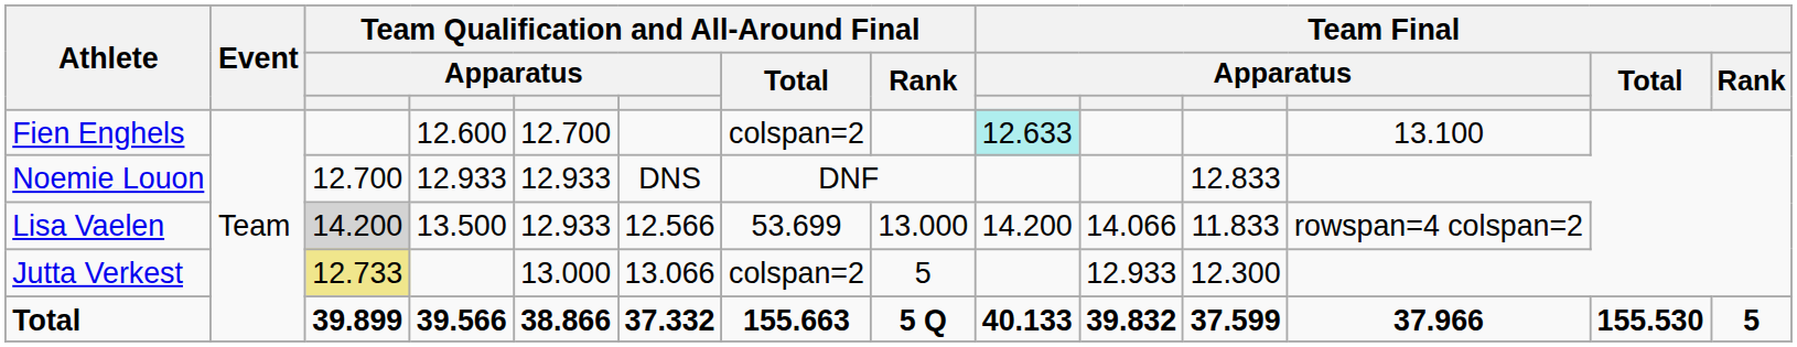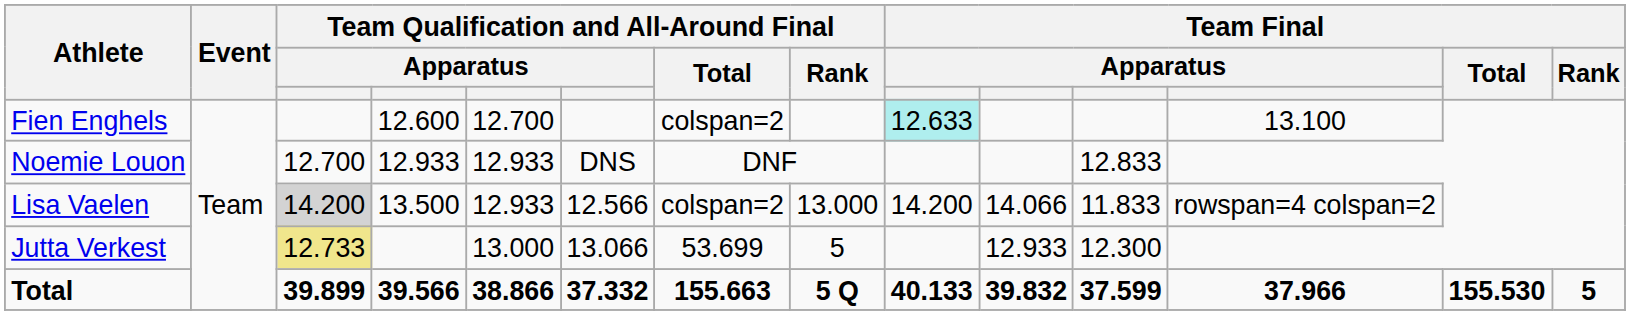 <table class="wikitable" style="font-size:90%">
 <tr>
 <th rowspan=3>Athlete</th>
 <th rowspan=3>Event</th>
 <th colspan=6>Team Qualification and All-Around Final</th>
 <th colspan=6>Team Final</th>
 </tr>
 <tr style="font-size:95%">
 <th colspan=4>Apparatus</th>
 <th rowspan=2>Total</th>
 <th rowspan=2>Rank</th>
 <th colspan=4>Apparatus</th>
 <th rowspan=2>Total</th>
 <th rowspan=2>Rank</th>
 </tr>
 <tr style="font-size:95%">
 <th></th>
 <th></th>
 <th></th>
 <th></th>
 <th></th>
 <th></th>
 <th></th>
 <th></th>
 </tr>
 <tr align=center>
 <td align=left><a href='#'>Fien Enghels</a></td>
 <td align=left rowspan=5>Team</td>
 <td></td>
 <td>12.600</td>
 <td>12.700</td>
 <td></td>
 <td>colspan=2</td>
 <td></td>
 <td style="background: paleturquoise;">12.633</td>
 <td></td>
 <td></td>
 <td>13.100</td>
 </tr>
 <tr align=center>
 <td align=left><a href='#'>Noemie Louon</a></td>
 <td>12.700</td>
 <td>12.933</td>
 <td>12.933</td>
 <td>DNS</td>
 <td colspan=2>DNF</td>
 <td></td>
 <td></td>
 <td>12.833</td>
 </tr>
 <tr align=center>
 <td align=left><a href='#'>Lisa Vaelen</a></td>
 <td style="background: lightgrey;">14.200</td>
 <td>13.500</td>
 <td>12.933</td>
 <td>12.566</td>
-<td>53.699</td>
+<td>colspan=2</td>
 <td>13.000</td>
 <td>14.200</td>
 <td>14.066</td>
 <td>11.833</td>
 <td>rowspan=4 colspan=2</td>
 </tr>
 <tr align=center>
 <td align=left><a href='#'>Jutta Verkest</a></td>
 <td style="background: khaki;">12.733</td>
 <td></td>
 <td>13.000</td>
 <td>13.066</td>
-<td>colspan=2</td>
+<td>53.699</td>
 <td>5</td>
 <td></td>
 <td>12.933</td>
 <td>12.300</td>
 </tr>
 <tr align=center>
 <td align=left><strong>Total</strong></td>
 <td><strong>39.899</strong></td>
 <td><strong>39.566</strong></td>
 <td><strong>38.866</strong></td>
 <td><strong>37.332</strong></td>
 <td><strong>155.663</strong></td>
 <td><strong>5 Q</strong></td>
 <td><strong>40.133</strong></td>
 <td><strong>39.832</strong></td>
 <td><strong>37.599</strong></td>
 <td><strong>37.966</strong></td>
 <td><strong>155.530</strong></td>
 <td><strong>5</strong></td>
 </tr>
 </table>
